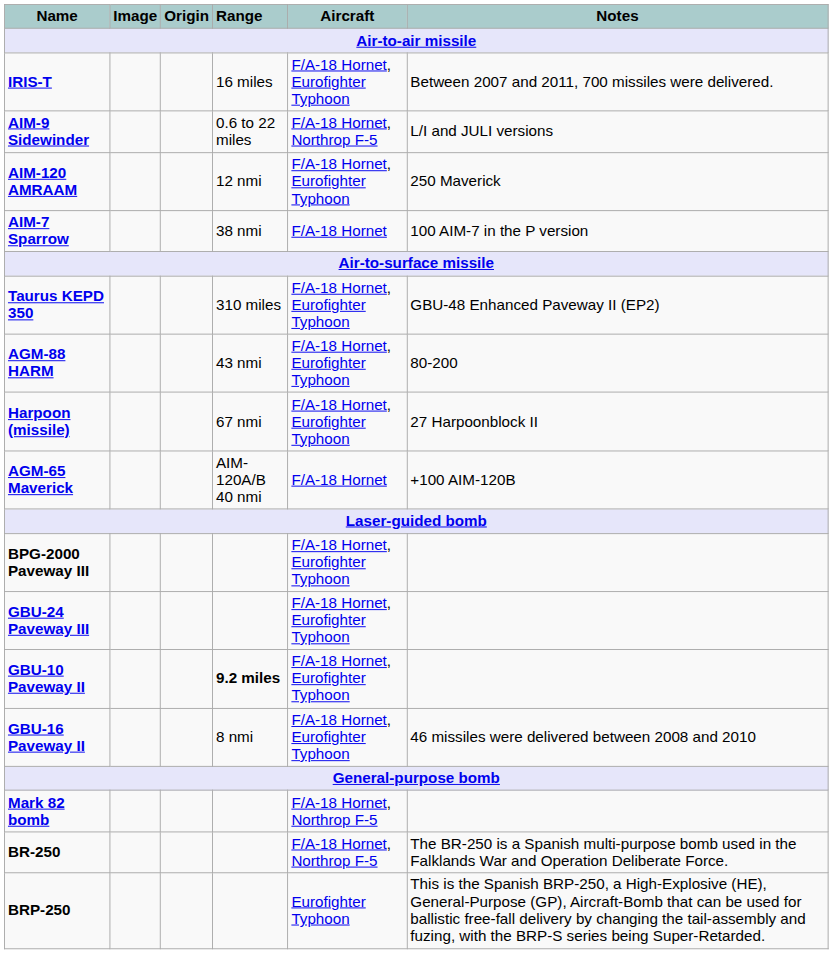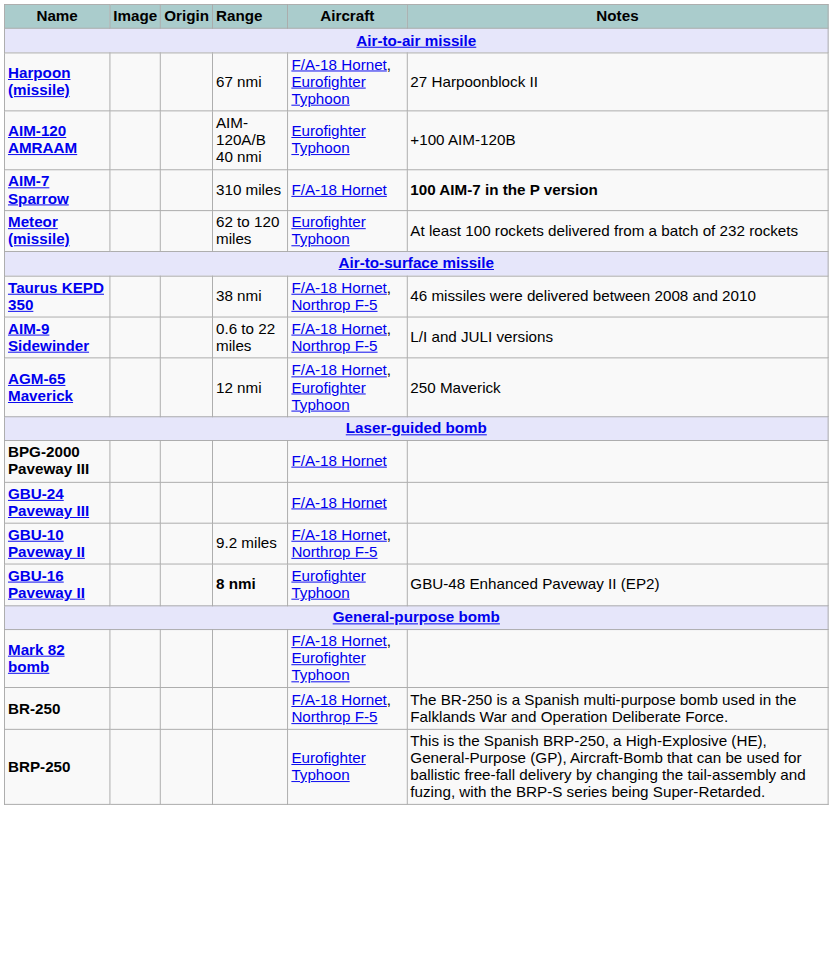 <table class="wikitable">
 <tr>
 <th style="text-align:center; background:#acc;">Name</th>
 <th style="text-align:center; background:#acc;">Image</th>
 <th style="text-align: center; background:#acc;">Origin</th>
 <th style="text-align:left; background:#acc;">Range</th>
 <th style="text-align:center; background:#acc;">Aircraft</th>
 <th style="text-align: center; background:#acc;">Notes</th>
 </tr>
 <tr>
 <th colspan="6" style="align: center; background: lavender;"><a href='#'>Air-to-air missile</a></th>
 </tr>
 <tr>
-<td><strong><a href='#'>IRIS-T</a></strong></td>
+<td><strong><a href='#'>Harpoon (missile)</a></strong></td>
 <td></td>
 <td></td>
-<td>16 miles</td>
+<td>67 nmi</td>
 <td><a href='#'>F/A-18 Hornet</a>, <a href='#'>Eurofighter Typhoon</a></td>
-<td>Between 2007 and 2011, 700 missiles were delivered.</td>
+<td>27 Harpoonblock II</td>
+</tr>
+<tr>
+<td><strong><a href='#'>AIM-120 AMRAAM</a></strong></td>
+<td></td>
+<td></td>
+<td>AIM-120A/B 40 nmi</td>
+<td><a href='#'>Eurofighter Typhoon</a></td>
+<td>+100 AIM-120B</td>
+</tr>
+<tr>
+<td><strong><a href='#'>AIM-7 Sparrow</a></strong></td>
+<td></td>
+<td></td>
+<td>310 miles</td>
+<td><a href='#'>F/A-18 Hornet</a></td>
+<td><strong>100 AIM-7 in the P version</strong></td>
+</tr>
+<tr>
+<td><strong><a href='#'>Meteor (missile)</a></strong></td>
+<td></td>
+<td></td>
+<td>62 to 120 miles</td>
+<td><a href='#'>Eurofighter Typhoon</a></td>
+<td>At least 100 rockets delivered from a batch of 232 rockets</td>
+</tr>
+<tr>
+<th colspan="6" style="align: center; background: lavender;"><a href='#'>Air-to-surface missile</a></th>
+</tr>
+<tr>
+<td><strong><a href='#'>Taurus KEPD 350</a></strong></td>
+<td></td>
+<td></td>
+<td>38 nmi</td>
+<td><a href='#'>F/A-18 Hornet</a>, <a href='#'>Northrop F-5</a></td>
+<td>46 missiles were delivered between 2008 and 2010</td>
 </tr>
 <tr>
 <td><strong><a href='#'>AIM-9 Sidewinder</a></strong></td>
 <td></td>
 <td></td>
 <td>0.6 to 22 miles</td>
 <td><a href='#'>F/A-18 Hornet</a>, <a href='#'>Northrop F-5</a></td>
 <td>L/I and JULI versions</td>
 </tr>
 <tr>
-<td><strong><a href='#'>AIM-120 AMRAAM</a></strong></td>
+<td><strong><a href='#'>AGM-65 Maverick</a></strong></td>
 <td></td>
 <td></td>
 <td>12 nmi</td>
 <td><a href='#'>F/A-18 Hornet</a>, <a href='#'>Eurofighter Typhoon</a></td>
 <td>250 Maverick</td>
-</tr>
-<tr>
-<td><strong><a href='#'>AIM-7 Sparrow</a></strong></td>
-<td></td>
-<td></td>
-<td>38 nmi</td>
-<td><a href='#'>F/A-18 Hornet</a></td>
-<td>100 AIM-7 in the P version</td>
-</tr>
-<tr>
-<th colspan="6" style="align: center; background: lavender;"><a href='#'>Air-to-surface missile</a></th>
-</tr>
-<tr>
-<td><strong><a href='#'>Taurus KEPD 350</a></strong></td>
-<td></td>
-<td></td>
-<td>310 miles</td>
-<td><a href='#'>F/A-18 Hornet</a>, <a href='#'>Eurofighter Typhoon</a></td>
-<td>GBU-48 Enhanced Paveway II (EP2)</td>
-</tr>
-<tr>
-<td><strong><a href='#'>AGM-88 HARM</a></strong></td>
-<td></td>
-<td></td>
-<td>43 nmi</td>
-<td><a href='#'>F/A-18 Hornet</a>, <a href='#'>Eurofighter Typhoon</a></td>
-<td>80-200</td>
-</tr>
-<tr>
-<td><strong><a href='#'>Harpoon (missile)</a></strong></td>
-<td></td>
-<td></td>
-<td>67 nmi</td>
-<td><a href='#'>F/A-18 Hornet</a>, <a href='#'>Eurofighter Typhoon</a></td>
-<td>27 Harpoonblock II</td>
-</tr>
-<tr>
-<td><strong><a href='#'>AGM-65 Maverick</a></strong></td>
-<td></td>
-<td></td>
-<td>AIM-120A/B 40 nmi</td>
-<td><a href='#'>F/A-18 Hornet</a></td>
-<td>+100 AIM-120B</td>
 </tr>
 <tr>
 <th colspan="6" style="align: center; background: lavender;"><a href='#'>Laser-guided bomb</a></th>
 </tr>
 <tr>
 <td><strong>BPG-2000 Paveway III</strong></td>
 <td></td>
 <td></td>
 <td></td>
-<td><a href='#'>F/A-18 Hornet</a>, <a href='#'>Eurofighter Typhoon</a></td>
+<td><a href='#'>F/A-18 Hornet</a></td>
 <td></td>
 </tr>
 <tr>
 <td><strong><a href='#'>GBU-24 Paveway III</a></strong></td>
 <td></td>
 <td></td>
 <td></td>
-<td><a href='#'>F/A-18 Hornet</a>, <a href='#'>Eurofighter Typhoon</a></td>
+<td><a href='#'>F/A-18 Hornet</a></td>
 <td></td>
 </tr>
 <tr>
 <td><strong><a href='#'>GBU-10 Paveway II</a></strong></td>
 <td></td>
 <td></td>
-<td><strong>9.2 miles</strong></td>
-<td><a href='#'>F/A-18 Hornet</a>, <a href='#'>Eurofighter Typhoon</a></td>
+<td>9.2 miles</td>
+<td><a href='#'>F/A-18 Hornet</a>, <a href='#'>Northrop F-5</a></td>
 <td></td>
 </tr>
 <tr>
 <td><strong><a href='#'>GBU-16 Paveway II</a></strong></td>
 <td></td>
 <td></td>
-<td>8 nmi</td>
-<td><a href='#'>F/A-18 Hornet</a>, <a href='#'>Eurofighter Typhoon</a></td>
-<td>46 missiles were delivered between 2008 and 2010</td>
+<td><strong>8 nmi</strong></td>
+<td><a href='#'>Eurofighter Typhoon</a></td>
+<td>GBU-48 Enhanced Paveway II (EP2)</td>
 </tr>
 <tr>
 <th colspan="6" style="align: center; background: lavender;"><a href='#'>General-purpose bomb</a></th>
 </tr>
 <tr>
 <td><strong><a href='#'>Mark 82 bomb</a></strong></td>
 <td></td>
 <td></td>
 <td></td>
-<td><a href='#'>F/A-18 Hornet</a>, <a href='#'>Northrop F-5</a></td>
+<td><a href='#'>F/A-18 Hornet</a>, <a href='#'>Eurofighter Typhoon</a></td>
 <td></td>
 </tr>
 <tr>
 <td><strong>BR-250</strong></td>
 <td></td>
 <td></td>
 <td></td>
 <td><a href='#'>F/A-18 Hornet</a>, <a href='#'>Northrop F-5</a></td>
 <td>The BR-250 is a Spanish multi-purpose bomb used in the Falklands War and Operation Deliberate Force.</td>
 </tr>
 <tr>
 <td><strong>BRP-250</strong></td>
 <td></td>
 <td></td>
 <td></td>
 <td><a href='#'>Eurofighter Typhoon</a></td>
 <td>This is the Spanish BRP-250, a High-Explosive (HE), General-Purpose (GP), Aircraft-Bomb that can be used for ballistic free-fall delivery by changing the tail-assembly and fuzing, with the BRP-S series being Super-Retarded.</td>
 </tr>
 </table>
